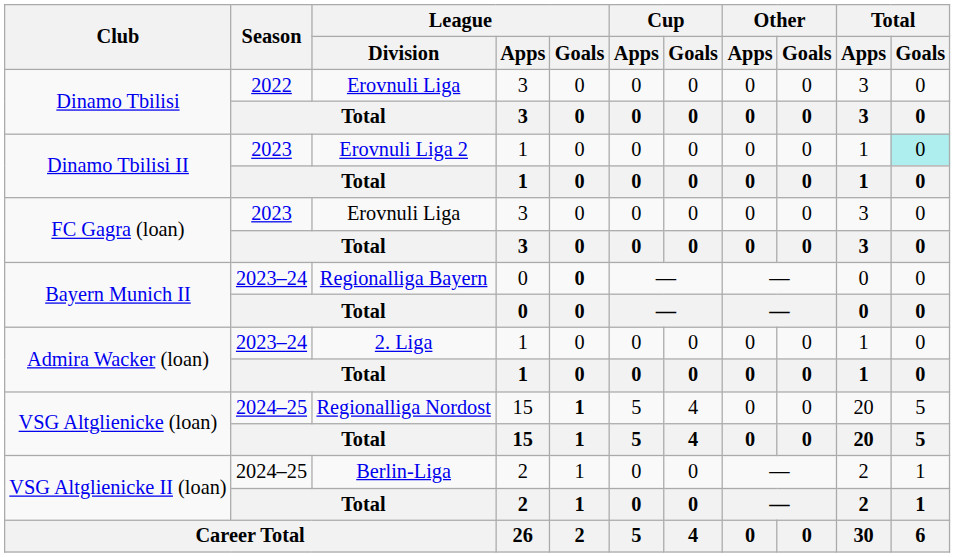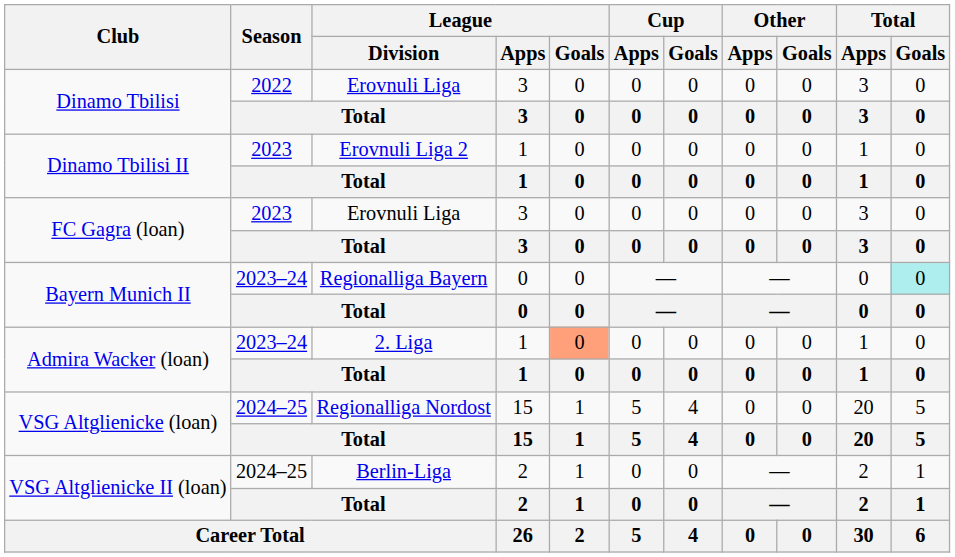 <table class="wikitable" Style="text-align: center">
 <tr>
 <th rowspan="2">Club</th>
 <th rowspan="2">Season</th>
 <th colspan="3">League</th>
 <th colspan="2">Cup</th>
 <th colspan="2">Other</th>
 <th colspan="2">Total</th>
 </tr>
 <tr>
 <th>Division</th>
 <th>Apps</th>
 <th>Goals</th>
 <th>Apps</th>
 <th>Goals</th>
 <th>Apps</th>
 <th>Goals</th>
 <th>Apps</th>
 <th>Goals</th>
 </tr>
 <tr>
 <td rowspan="2"><a href='#'>Dinamo Tbilisi</a></td>
 <td><a href='#'>2022</a></td>
 <td><a href='#'>Erovnuli Liga</a></td>
 <td>3</td>
 <td>0</td>
 <td>0</td>
 <td>0</td>
 <td>0</td>
 <td>0</td>
 <td>3</td>
 <td>0</td>
 </tr>
 <tr>
 <th colspan="2">Total</th>
 <th>3</th>
 <th>0</th>
 <th>0</th>
 <th>0</th>
 <th>0</th>
 <th>0</th>
 <th>3</th>
 <th>0</th>
 </tr>
 <tr>
 <td rowspan="2"><a href='#'>Dinamo Tbilisi II</a></td>
 <td><a href='#'>2023</a></td>
 <td><a href='#'>Erovnuli Liga 2</a></td>
 <td>1</td>
 <td>0</td>
 <td>0</td>
 <td>0</td>
 <td>0</td>
 <td>0</td>
 <td>1</td>
-<td style="background: paleturquoise;">0</td>
+<td>0</td>
 </tr>
 <tr>
 <th colspan="2">Total</th>
 <th>1</th>
 <th>0</th>
 <th>0</th>
 <th>0</th>
 <th>0</th>
 <th>0</th>
 <th>1</th>
 <th>0</th>
 </tr>
 <tr>
 <td rowspan="2"><a href='#'>FC Gagra</a> (loan)</td>
 <td><a href='#'>2023</a></td>
 <td>Erovnuli Liga</td>
 <td>3</td>
 <td>0</td>
 <td>0</td>
 <td>0</td>
 <td>0</td>
 <td>0</td>
 <td>3</td>
 <td>0</td>
 </tr>
 <tr>
 <th colspan="2">Total</th>
 <th>3</th>
 <th>0</th>
 <th>0</th>
 <th>0</th>
 <th>0</th>
 <th>0</th>
 <th>3</th>
 <th>0</th>
 </tr>
 <tr>
 <td rowspan="2"><a href='#'>Bayern Munich II</a></td>
 <td><a href='#'>2023–24</a></td>
 <td><a href='#'>Regionalliga Bayern</a></td>
 <td>0</td>
-<td><strong>0</strong></td>
+<td>0</td>
 <td colspan="2">—</td>
 <td colspan="2">—</td>
 <td>0</td>
-<td>0</td>
+<td style="background: paleturquoise;">0</td>
 </tr>
 <tr>
 <th colspan="2">Total</th>
 <th>0</th>
 <th>0</th>
 <th colspan="2">—</th>
 <th colspan="2">—</th>
 <th>0</th>
 <th>0</th>
 </tr>
 <tr>
 <td rowspan="2"><a href='#'>Admira Wacker</a> (loan)</td>
 <td><a href='#'>2023–24</a></td>
 <td><a href='#'>2. Liga</a></td>
 <td>1</td>
-<td>0</td>
+<td style="background: lightsalmon;">0</td>
 <td>0</td>
 <td>0</td>
 <td>0</td>
 <td>0</td>
 <td>1</td>
 <td>0</td>
 </tr>
 <tr>
 <th colspan="2">Total</th>
 <th>1</th>
 <th>0</th>
 <th>0</th>
 <th>0</th>
 <th>0</th>
 <th>0</th>
 <th>1</th>
 <th>0</th>
 </tr>
 <tr>
 <td rowspan="2"><a href='#'>VSG Altglienicke</a> (loan)</td>
 <td><a href='#'>2024–25</a></td>
 <td><a href='#'>Regionalliga Nordost</a></td>
 <td>15</td>
-<td><strong>1</strong></td>
+<td>1</td>
 <td>5</td>
 <td>4</td>
 <td>0</td>
 <td>0</td>
 <td>20</td>
 <td>5</td>
 </tr>
 <tr>
 <th colspan="2">Total</th>
 <th>15</th>
 <th>1</th>
 <th>5</th>
 <th>4</th>
 <th>0</th>
 <th>0</th>
 <th>20</th>
 <th>5</th>
 </tr>
 <tr>
 <td rowspan="2"><a href='#'>VSG Altglienicke II</a> (loan)</td>
 <td>2024–25</td>
 <td><a href='#'>Berlin-Liga</a></td>
 <td>2</td>
 <td>1</td>
 <td>0</td>
 <td>0</td>
 <td colspan="2">—</td>
 <td>2</td>
 <td>1</td>
 </tr>
 <tr>
 <th colspan="2">Total</th>
 <th>2</th>
 <th>1</th>
 <th>0</th>
 <th>0</th>
 <th colspan="2">—</th>
 <th>2</th>
 <th>1</th>
 </tr>
 <tr>
 <th colspan="3">Career Total</th>
 <th>26</th>
 <th>2</th>
 <th>5</th>
 <th>4</th>
 <th>0</th>
 <th>0</th>
 <th>30</th>
 <th>6</th>
 </tr>
 </table>
